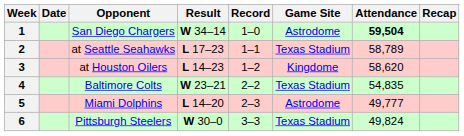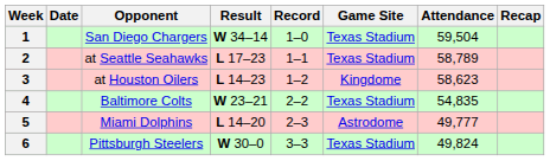 <table class="wikitable" style="text-align:center">
 <tr>
 <th>Week</th>
 <th>Date</th>
 <th>Opponent</th>
 <th>Result</th>
 <th>Record</th>
 <th>Game Site</th>
 <th>Attendance</th>
 <th>Recap</th>
 </tr>
 <tr style="background:#cfc">
 <th>1</th>
 <td></td>
 <td><a href='#'>San Diego Chargers</a></td>
 <td><strong>W</strong> 34–14</td>
 <td>1–0</td>
-<td><a href='#'>Astrodome</a></td>
-<td><strong>59,504</strong></td>
+<td><a href='#'>Texas Stadium</a></td>
+<td>59,504</td>
 <td></td>
 </tr>
 <tr style="background:#fcc">
 <th>2</th>
 <td></td>
 <td>at <a href='#'>Seattle Seahawks</a></td>
 <td><strong>L</strong> 17–23 </td>
 <td>1–1</td>
 <td><a href='#'>Texas Stadium</a></td>
 <td>58,789</td>
 <td></td>
 </tr>
 <tr style="background:#fcc">
 <th>3</th>
 <td></td>
 <td>at <a href='#'>Houston Oilers</a></td>
 <td><strong>L</strong> 14–23</td>
 <td>1–2</td>
 <td><a href='#'>Kingdome</a></td>
-<td>58,620</td>
+<td>58,623</td>
 <td></td>
 </tr>
 <tr style="background:#cfc">
 <th>4</th>
 <td></td>
 <td><a href='#'>Baltimore Colts</a></td>
 <td><strong>W</strong> 23–21</td>
 <td>2–2</td>
 <td><a href='#'>Texas Stadium</a></td>
 <td>54,835</td>
 <td></td>
 </tr>
 <tr style="background:#fcc">
 <th>5</th>
 <td></td>
 <td><a href='#'>Miami Dolphins</a></td>
 <td><strong>L</strong> 14–20</td>
 <td>2–3</td>
 <td><a href='#'>Astrodome</a></td>
 <td>49,777</td>
 <td></td>
 </tr>
 <tr style="background:#cfc">
 <th>6</th>
 <td></td>
 <td><a href='#'>Pittsburgh Steelers</a></td>
 <td><strong>W</strong> 30–0</td>
 <td>3–3</td>
 <td><a href='#'>Texas Stadium</a></td>
 <td>49,824</td>
 <td></td>
 </tr>
 </table>
